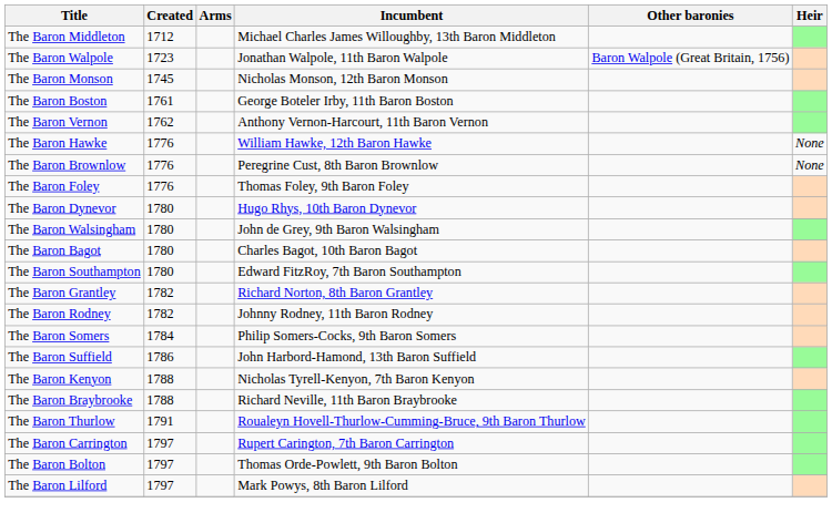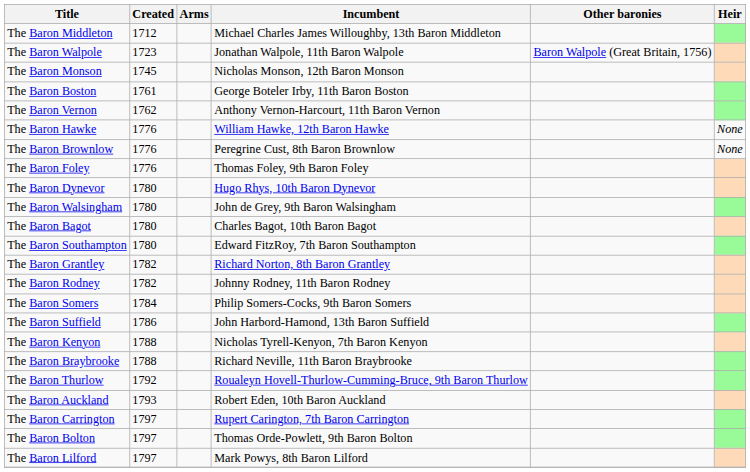 <table class="wikitable sortable sticky-header">
 <tr>
 <th>Title</th>
 <th>Created</th>
 <th>Arms</th>
 <th>Incumbent</th>
 <th>Other baronies</th>
 <th>Heir</th>
 </tr>
 <tr>
 <td>The <a href='#'>Baron Middleton</a></td>
 <td>1712</td>
 <td></td>
 <td>Michael Charles James Willoughby, 13th Baron Middleton</td>
 <td></td>
 <td style="background:#98FB98;"></td>
 </tr>
 <tr>
 <td>The <a href='#'>Baron Walpole</a></td>
 <td>1723</td>
 <td></td>
 <td>Jonathan Walpole, 11th Baron Walpole</td>
 <td><a href='#'>Baron Walpole</a> (Great Britain, 1756)</td>
 <td style="background:#FFDAB9;"></td>
 </tr>
 <tr>
 <td>The <a href='#'>Baron Monson</a></td>
 <td>1745</td>
 <td></td>
 <td>Nicholas Monson, 12th Baron Monson</td>
 <td></td>
 <td style="background:#FFDAB9;"></td>
 </tr>
 <tr>
 <td>The <a href='#'>Baron Boston</a></td>
 <td>1761</td>
 <td></td>
 <td>George Boteler Irby, 11th Baron Boston</td>
 <td></td>
 <td style="background:#98FB98;"></td>
 </tr>
 <tr>
 <td>The <a href='#'>Baron Vernon</a></td>
 <td>1762</td>
 <td></td>
 <td>Anthony Vernon-Harcourt, 11th Baron Vernon</td>
 <td></td>
 <td style="background:#98FB98;"></td>
 </tr>
 <tr>
 <td>The <a href='#'>Baron Hawke</a></td>
 <td>1776</td>
 <td></td>
 <td><a href='#'>William Hawke, 12th Baron Hawke</a></td>
 <td></td>
 <td align=center><em>None</em></td>
 </tr>
 <tr>
 <td>The <a href='#'>Baron Brownlow</a></td>
 <td>1776</td>
 <td></td>
 <td>Peregrine Cust, 8th Baron Brownlow</td>
 <td></td>
 <td align=center><em>None</em></td>
 </tr>
 <tr>
 <td>The <a href='#'>Baron Foley</a></td>
 <td>1776</td>
 <td></td>
 <td>Thomas Foley, 9th Baron Foley</td>
 <td></td>
 <td style="background:#FFDAB9;"></td>
 </tr>
 <tr>
 <td>The <a href='#'>Baron Dynevor</a></td>
 <td>1780</td>
 <td></td>
 <td><a href='#'>Hugo Rhys, 10th Baron Dynevor</a></td>
 <td></td>
 <td style="background:#FFDAB9;"></td>
 </tr>
 <tr>
 <td>The <a href='#'>Baron Walsingham</a></td>
 <td>1780</td>
 <td></td>
 <td>John de Grey, 9th Baron Walsingham</td>
 <td></td>
 <td style="background:#98FB98;"></td>
 </tr>
 <tr>
 <td>The <a href='#'>Baron Bagot</a></td>
 <td>1780</td>
 <td></td>
 <td>Charles Bagot, 10th Baron Bagot</td>
 <td></td>
 <td style="background:#FFDAB9;"></td>
 </tr>
 <tr>
 <td>The <a href='#'>Baron Southampton</a></td>
 <td>1780</td>
 <td></td>
 <td>Edward FitzRoy, 7th Baron Southampton</td>
 <td></td>
 <td style="background:#98FB98;"></td>
 </tr>
 <tr>
 <td>The <a href='#'>Baron Grantley</a></td>
 <td>1782</td>
 <td></td>
 <td><a href='#'>Richard Norton, 8th Baron Grantley</a></td>
 <td></td>
 <td style="background:#FFDAB9;"></td>
 </tr>
 <tr>
 <td>The <a href='#'>Baron Rodney</a></td>
 <td>1782</td>
 <td></td>
 <td>Johnny Rodney, 11th Baron Rodney</td>
 <td></td>
 <td style="background:#FFDAB9;"></td>
 </tr>
 <tr>
 <td>The <a href='#'>Baron Somers</a></td>
 <td>1784</td>
 <td></td>
 <td>Philip Somers-Cocks, 9th Baron Somers</td>
 <td></td>
 <td style="background:#FFDAB9;"></td>
 </tr>
 <tr>
 <td>The <a href='#'>Baron Suffield</a></td>
 <td>1786</td>
 <td></td>
 <td>John Harbord-Hamond, 13th Baron Suffield</td>
 <td></td>
 <td style="background:#98FB98;"></td>
 </tr>
 <tr>
 <td>The <a href='#'>Baron Kenyon</a></td>
 <td>1788</td>
 <td></td>
 <td>Nicholas Tyrell-Kenyon, 7th Baron Kenyon</td>
 <td></td>
 <td style="background:#FFDAB9;"></td>
 </tr>
 <tr>
 <td>The <a href='#'>Baron Braybrooke</a></td>
 <td>1788</td>
 <td></td>
 <td>Richard Neville, 11th Baron Braybrooke</td>
 <td></td>
 <td style="background:#98FB98;"></td>
 </tr>
 <tr>
 <td>The <a href='#'>Baron Thurlow</a></td>
-<td>1791</td>
+<td>1792</td>
 <td></td>
 <td><a href='#'>Roualeyn Hovell-Thurlow-Cumming-Bruce, 9th Baron Thurlow</a></td>
 <td></td>
 <td style="background:#98FB98;"></td>
+</tr>
+<tr>
+<td>The <a href='#'>Baron Auckland</a></td>
+<td>1793</td>
+<td></td>
+<td>Robert Eden, 10th Baron Auckland</td>
+<td></td>
+<td style="background:#FFDAB9;"></td>
 </tr>
 <tr>
 <td>The <a href='#'>Baron Carrington</a></td>
 <td>1797 </td>
 <td></td>
 <td><a href='#'>Rupert Carington, 7th Baron Carrington</a></td>
 <td></td>
 <td style="background:#98FB98;"></td>
 </tr>
 <tr>
 <td>The <a href='#'>Baron Bolton</a></td>
 <td>1797</td>
 <td></td>
 <td>Thomas Orde-Powlett, 9th Baron Bolton</td>
 <td></td>
 <td style="background:#98FB98;"></td>
 </tr>
 <tr>
 <td>The <a href='#'>Baron Lilford</a></td>
 <td>1797</td>
 <td></td>
 <td>Mark Powys, 8th Baron Lilford</td>
 <td></td>
 <td style="background:#FFDAB9;"></td>
 </tr>
 <tr>
 </tr>
 </table>
